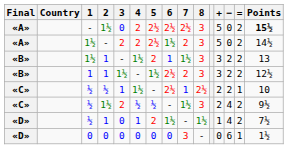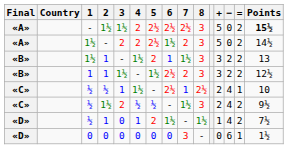 <table class="wikitable" style="text-align:center">
 <tr>
 <th>Final</th>
 <th>Country</th>
 <th>1</th>
 <th>2</th>
 <th>3</th>
 <th>4</th>
 <th>5</th>
 <th>6</th>
 <th>7</th>
 <th>8</th>
 <th></th>
 <th>+</th>
 <th>−</th>
 <th>=</th>
 <th>Points</th>
 </tr>
 <tr>
 <th>«A»</th>
 <td style="text-align: left"></td>
 <td>-</td>
 <td style="color:green;">1½</td>
-<td style="color:blue;">0</td>
+<td style="color:green;">1½</td>
 <td style="color:red;">2</td>
 <td style="color:red;">2½</td>
 <td style="color:red;">2½</td>
 <td style="color:red;">2½</td>
 <td style="color:red;">3</td>
 <th></th>
 <td>5</td>
 <td>0</td>
 <td>2</td>
 <td><strong>15½</strong></td>
 </tr>
 <tr>
 <th>«A»</th>
 <td style="text-align: left"></td>
 <td style="color:green;">1½</td>
 <td>-</td>
 <td style="color:red;">2</td>
 <td style="color:red;">2</td>
 <td style="color:red;">2½</td>
 <td style="color:green;">1½</td>
 <td style="color:red;">2</td>
 <td style="color:red;">3</td>
 <th></th>
 <td>5</td>
 <td>0</td>
 <td>2</td>
 <td>14½</td>
 </tr>
 <tr>
 <th>«B»</th>
 <td style="text-align: left"></td>
 <td style="color:green;">1½</td>
 <td style="color:blue;">1</td>
 <td>-</td>
 <td style="color:green;">1½</td>
 <td style="color:red;">2</td>
 <td style="color:blue;">1</td>
 <td style="color:green;">1½</td>
 <td style="color:red;">3</td>
 <th></th>
 <td>3</td>
 <td>2</td>
 <td>2</td>
 <td>13</td>
 </tr>
 <tr>
 <th>«B»</th>
 <td style="text-align: left"></td>
 <td style="color:blue;">1</td>
 <td style="color:blue;">1</td>
 <td style="color:green;">1½</td>
 <td>-</td>
 <td style="color:green;">1½</td>
 <td style="color:red;">2½</td>
 <td style="color:red;">2</td>
 <td style="color:red;">3</td>
 <th></th>
 <td>3</td>
 <td>2</td>
 <td>2</td>
 <td>12½</td>
 </tr>
 <tr>
 <th>«C»</th>
 <td style="text-align: left"></td>
 <td style="color:blue;">½</td>
 <td style="color:blue;">½</td>
 <td style="color:blue;">1</td>
 <td style="color:green;">1½</td>
 <td>-</td>
 <td style="color:red;">2½</td>
 <td style="color:blue;">1</td>
 <td style="color:red;">2½</td>
 <th></th>
 <td>2</td>
-<td>2</td>
+<td>4</td>
 <td>1</td>
 <td>10</td>
 </tr>
 <tr>
 <th>«C»</th>
 <td style="text-align: left"></td>
 <td style="color:blue;">½</td>
 <td style="color:green;">1½</td>
 <td style="color:red;">2</td>
 <td style="color:blue;">½</td>
 <td style="color:blue;">½</td>
 <td>-</td>
 <td style="color:green;">1½</td>
 <td style="color:red;">3</td>
 <th></th>
 <td>2</td>
 <td>4</td>
 <td>2</td>
 <td>9½</td>
 </tr>
 <tr>
 <th>«D»</th>
 <td style="text-align: left"></td>
 <td style="color:blue;">½</td>
 <td style="color:blue;">1</td>
 <td style="color:blue;">0</td>
 <td style="color:blue;">1</td>
 <td style="color:red;">2</td>
 <td style="color:green;">1½</td>
 <td>-</td>
 <td style="color:green;">1½</td>
 <th></th>
 <td>1</td>
 <td>4</td>
 <td>2</td>
 <td>7½</td>
 </tr>
 <tr>
 <th>«D»</th>
 <td style="text-align: left"></td>
 <td style="color:blue;">0</td>
 <td style="color:blue;">0</td>
 <td style="color:blue;">0</td>
 <td style="color:blue;">0</td>
 <td style="color:blue;">0</td>
 <td style="color:blue;">0</td>
 <td style="color:red;">3</td>
 <td>-</td>
 <th></th>
 <td>0</td>
 <td>6</td>
 <td>1</td>
 <td>1½</td>
 </tr>
 </table>
